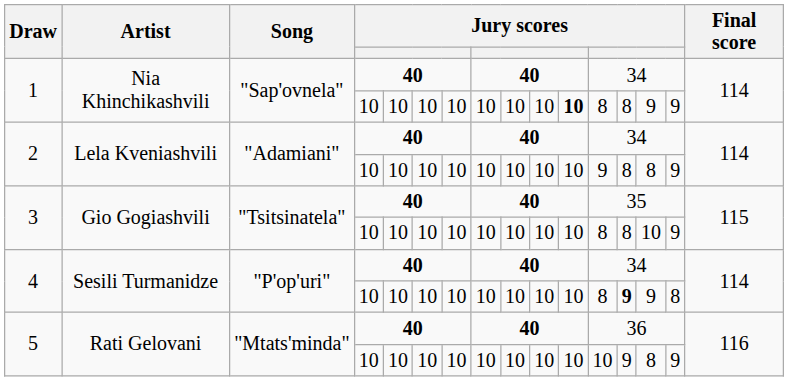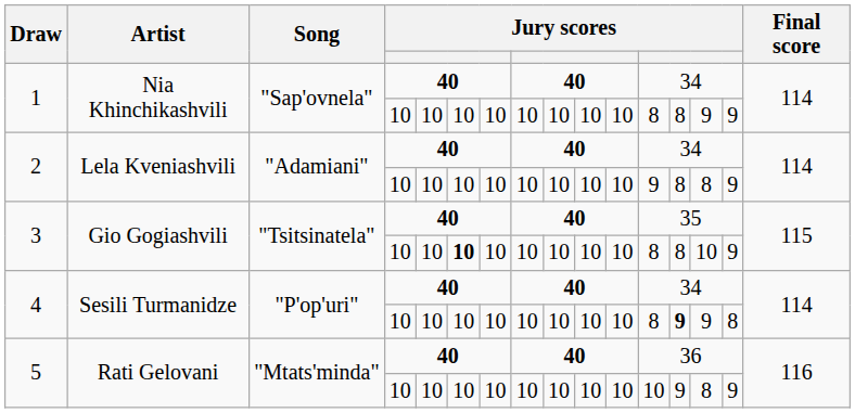 <table class="sortable wikitable" style="text-align:center;margin:1em auto 1em auto">
 <tr>
 <th scope="col" rowspan=2>Draw</th>
 <th scope="col" rowspan=2>Artist</th>
 <th scope="col" rowspan=2>Song</th>
 <th scope="col" colspan=12>Jury scores</th>
 <th scope="col" rowspan=2>Final score</th>
 </tr>
 <tr>
 <th scope="col" class="unsortable" colspan=4><small></small></th>
 <th scope="col" class="unsortable" colspan=4><small></small></th>
 <th scope="col" class="unsortable" colspan=4><small></small></th>
 </tr>
 <tr>
 <td rowspan=2>1</td>
 <td rowspan=2>Nia Khinchikashvili<br></td>
 <td rowspan=2>"Sap'ovnela"<br></td>
 <td colspan=4><strong>40</strong></td>
 <td colspan=4><strong>40</strong></td>
 <td colspan=4>34</td>
 <td rowspan=2>114</td>
 </tr>
 <tr>
 <td>10</td>
 <td>10</td>
 <td>10</td>
 <td>10</td>
 <td>10</td>
 <td>10</td>
 <td>10</td>
-<td><strong>10</strong></td>
+<td>10</td>
 <td>8</td>
 <td>8</td>
 <td>9</td>
 <td>9</td>
 </tr>
 <tr>
 <td rowspan=2>2</td>
 <td rowspan=2>Lela Kveniashvili<br></td>
 <td rowspan=2>"Adamiani"<br></td>
 <td colspan=4><strong>40</strong></td>
 <td colspan=4><strong>40</strong></td>
 <td colspan=4>34</td>
 <td rowspan=2>114</td>
 </tr>
 <tr>
 <td>10</td>
 <td>10</td>
 <td>10</td>
 <td>10</td>
 <td>10</td>
 <td>10</td>
 <td>10</td>
 <td>10</td>
 <td>9</td>
 <td>8</td>
 <td>8</td>
 <td>9</td>
 </tr>
 <tr>
 <td rowspan=2>3</td>
 <td rowspan=2>Gio Gogiashvili<br></td>
 <td rowspan=2>"Tsitsinatela"<br></td>
 <td colspan=4><strong>40</strong></td>
 <td colspan=4><strong>40</strong></td>
 <td colspan=4>35</td>
 <td rowspan=2>115</td>
 </tr>
 <tr>
 <td>10</td>
 <td>10</td>
-<td>10</td>
+<td><strong>10</strong></td>
 <td>10</td>
 <td>10</td>
 <td>10</td>
 <td>10</td>
 <td>10</td>
 <td>8</td>
 <td>8</td>
 <td>10</td>
 <td>9</td>
 </tr>
 <tr>
 <td rowspan=2>4</td>
 <td rowspan=2>Sesili Turmanidze<br></td>
 <td rowspan=2>"P'op'uri"<br></td>
 <td colspan=4><strong>40</strong></td>
 <td colspan=4><strong>40</strong></td>
 <td colspan=4>34</td>
 <td rowspan=2>114</td>
 </tr>
 <tr>
 <td>10</td>
 <td>10</td>
 <td>10</td>
 <td>10</td>
 <td>10</td>
 <td>10</td>
 <td>10</td>
 <td>10</td>
 <td>8</td>
 <td><strong>9</strong></td>
 <td>9</td>
 <td>8</td>
 </tr>
 <tr>
 <td rowspan=2>5</td>
 <td rowspan=2>Rati Gelovani<br></td>
 <td rowspan=2>"Mtats'minda"<br></td>
 <td colspan=4><strong>40</strong></td>
 <td colspan=4><strong>40</strong></td>
 <td colspan=4>36</td>
 <td rowspan=2>116</td>
 </tr>
 <tr>
 <td>10</td>
 <td>10</td>
 <td>10</td>
 <td>10</td>
 <td>10</td>
 <td>10</td>
 <td>10</td>
 <td>10</td>
 <td>10</td>
 <td>9</td>
 <td>8</td>
 <td>9</td>
 </tr>
 </table>
